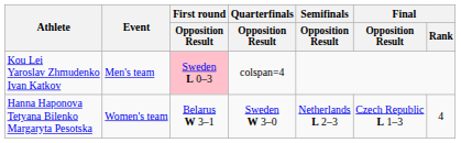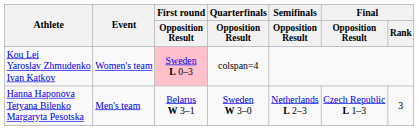 <table class="wikitable" style="text-align:center; font-size:90%">
 <tr>
 <th rowspan=2>Athlete</th>
 <th rowspan=2>Event</th>
 <th>First round</th>
 <th>Quarterfinals</th>
 <th>Semifinals</th>
 <th colspan=2>Final</th>
 </tr>
 <tr style="font-size:95%">
 <th>Opposition<br>Result</th>
 <th>Opposition<br>Result</th>
 <th>Opposition<br>Result</th>
 <th>Opposition<br>Result</th>
 <th>Rank</th>
 </tr>
 <tr>
 <td align=left><a href='#'>Kou Lei</a><br><a href='#'>Yaroslav Zhmudenko</a><br><a href='#'>Ivan Katkov</a></td>
-<td align=left><a href='#'>Men's team</a></td>
+<td align=left><a href='#'>Women's team</a></td>
 <td style="background: pink;"> <a href='#'>Sweden</a><br> <strong>L</strong> 0–3</td>
 <td>colspan=4 </td>
 </tr>
 <tr>
 <td align=left><a href='#'>Hanna Haponova</a><br><a href='#'>Tetyana Bilenko</a><br><a href='#'>Margaryta Pesotska</a></td>
-<td align=left><a href='#'>Women's team</a></td>
+<td align=left><a href='#'>Men's team</a></td>
 <td> <a href='#'>Belarus</a><br> <strong>W</strong> 3–1</td>
 <td> <a href='#'>Sweden</a><br> <strong>W</strong> 3–0</td>
 <td> <a href='#'>Netherlands</a><br> <strong>L</strong> 2–3</td>
 <td> <a href='#'>Czech Republic</a><br> <strong>L</strong> 1–3</td>
-<td>4</td>
+<td>3</td>
 </tr>
 </table>
